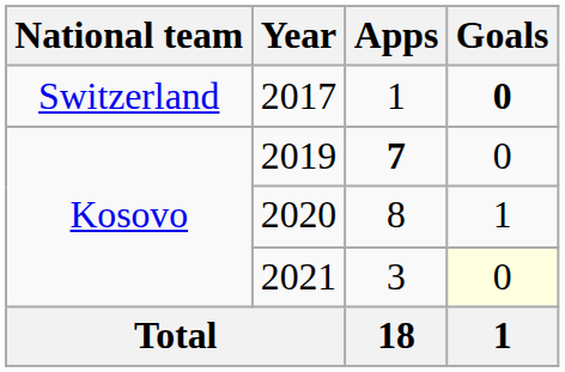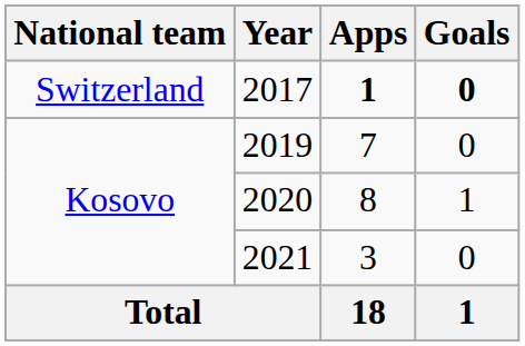 <table class="wikitable" style="text-align:center">
 <tr>
 <th>National team</th>
 <th>Year</th>
 <th>Apps</th>
 <th>Goals</th>
 </tr>
 <tr>
 <td><a href='#'>Switzerland</a></td>
 <td>2017</td>
-<td>1</td>
+<td><strong>1</strong></td>
 <td><strong>0</strong></td>
 </tr>
 <tr>
 <td rowspan="3"><a href='#'>Kosovo</a></td>
 <td>2019</td>
-<td><strong>7</strong></td>
+<td>7</td>
 <td>0</td>
 </tr>
 <tr>
 <td>2020</td>
 <td>8</td>
 <td>1</td>
 </tr>
 <tr>
 <td>2021</td>
 <td>3</td>
-<td style="background: lightyellow;">0</td>
+<td>0</td>
 </tr>
 <tr>
 <th colspan="2">Total</th>
 <th>18</th>
 <th>1</th>
 </tr>
 </table>
